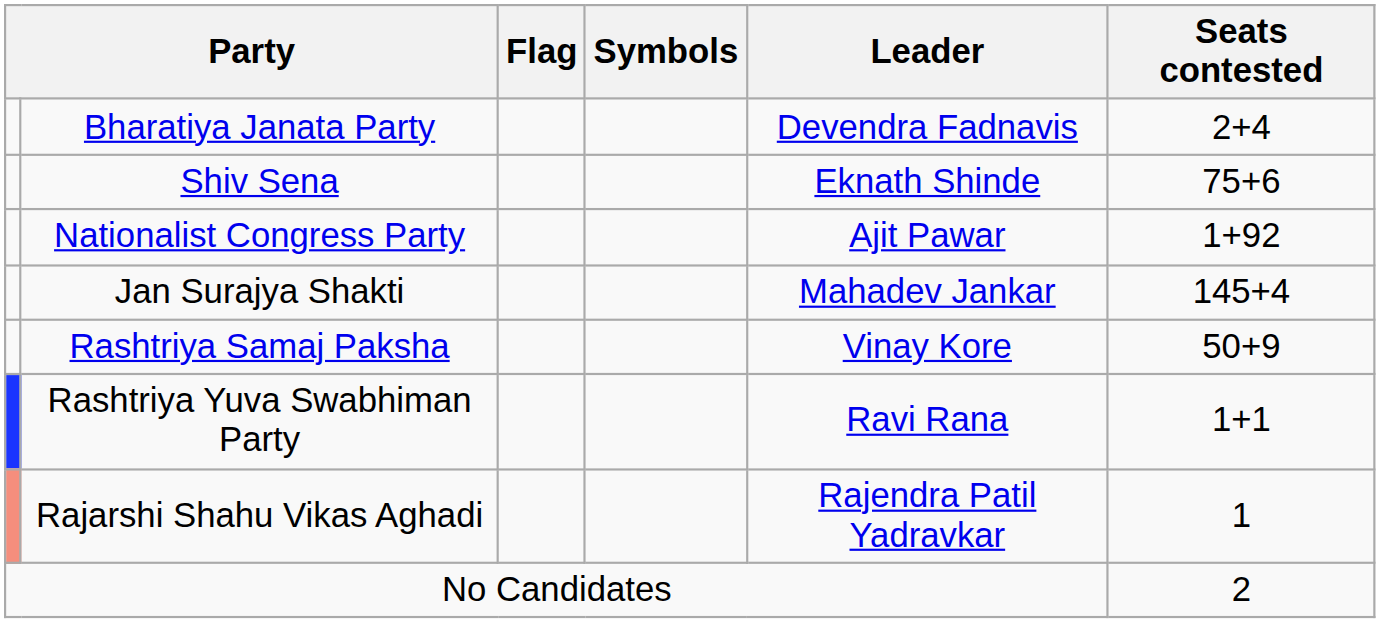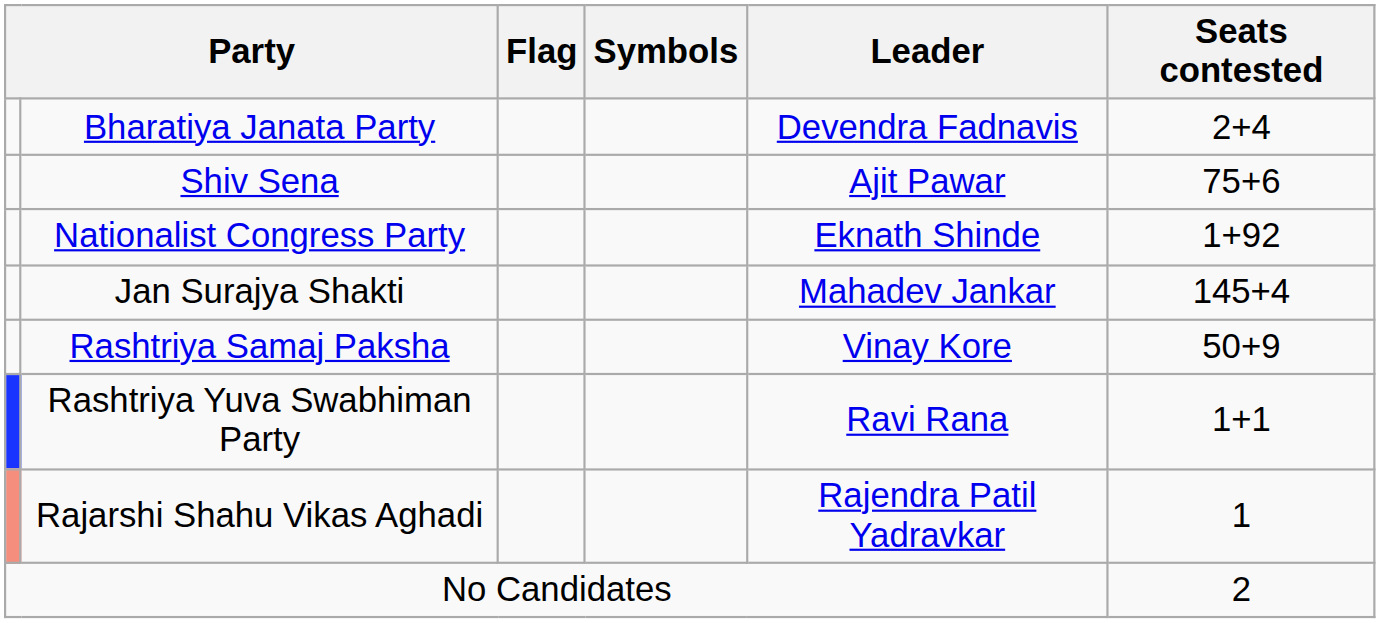 <table class="wikitable" width="50%" style="text-align:center;">
 <tr>
 <th colspan="2">Party</th>
 <th>Flag</th>
 <th>Symbols</th>
 <th>Leader</th>
 <th>Seats contested</th>
 </tr>
 <tr>
 <td style="text-align:center; background:"></td>
 <td style="text-align:center"><a href='#'>Bharatiya Janata Party</a></td>
 <td></td>
 <td></td>
 <td><a href='#'>Devendra Fadnavis</a></td>
 <td>2+4</td>
 </tr>
 <tr>
 <td></td>
 <td><a href='#'>Shiv Sena</a></td>
 <td></td>
 <td></td>
-<td><a href='#'>Eknath Shinde</a></td>
+<td><a href='#'>Ajit Pawar</a></td>
 <td>75+6</td>
 </tr>
 <tr>
 <td></td>
 <td><a href='#'>Nationalist Congress Party</a></td>
 <td></td>
 <td></td>
-<td><a href='#'>Ajit Pawar</a></td>
+<td><a href='#'>Eknath Shinde</a></td>
 <td>1+92</td>
 </tr>
 <tr>
 <td></td>
 <td>Jan Surajya Shakti</td>
 <td></td>
 <td></td>
 <td><a href='#'>Mahadev Jankar</a></td>
 <td>145+4</td>
 </tr>
 <tr>
 <td></td>
 <td><a href='#'>Rashtriya Samaj Paksha</a></td>
 <td></td>
 <td></td>
 <td><a href='#'>Vinay Kore</a></td>
 <td>50+9</td>
 </tr>
 <tr>
 <td bgcolor=#1A34FF></td>
 <td>Rashtriya Yuva Swabhiman Party</td>
 <td></td>
 <td></td>
 <td><a href='#'>Ravi Rana</a></td>
 <td colspan="2">1+1</td>
 </tr>
 <tr>
 <td bgcolor=#F58E7D></td>
 <td>Rajarshi Shahu Vikas Aghadi</td>
 <td></td>
 <td></td>
 <td><a href='#'>Rajendra Patil Yadravkar</a></td>
 <td>1</td>
 </tr>
 <tr>
 <td colspan=5>No Candidates</td>
 <td>2</td>
 </tr>
 </table>
